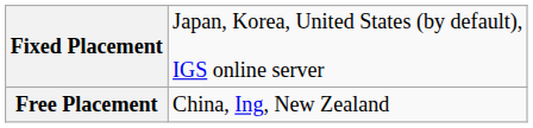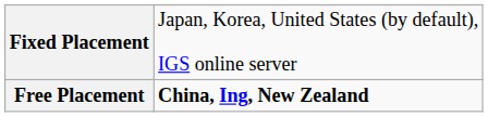 <table class="wikitable">
 <tr>
 <th>Fixed Placement</th>
 <td>Japan, Korea, United States (by default), <br><br><a href='#'>IGS</a> online server</td>
 </tr>
 <tr>
 <th>Free Placement</th>
-<td>China, <a href='#'>Ing</a>, New Zealand</td>
+<td><strong>China, <a href='#'>Ing</a>, New Zealand</strong></td>
 </tr>
 </table>
